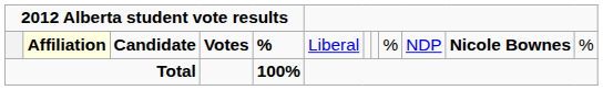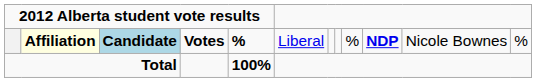 <table class="wikitable">
 <tr>
 <td colspan="5" align=center><strong>2012 Alberta student vote results</strong></td>
 </tr>
 <tr>
 <th style="width: 10px;"></th>
 <td style="background: lightyellow;"><strong>Affiliation</strong></td>
-<td><strong>Candidate</strong></td>
+<td style="background: lightblue;"><strong>Candidate</strong></td>
 <td><strong>Votes</strong></td>
 <td><strong>%</strong><br>  </td>
 <td><a href='#'>Liberal</a></td>
 <td></td>
 <td></td>
 <td>%<br> </td>
-<td><a href='#'>NDP</a></td>
-<td><strong>Nicole Bownes</strong></td>
+<td><strong><a href='#'>NDP</a></strong></td>
+<td>Nicole Bownes</td>
 <td>%</td>
 </tr>
 <tr>
 <td colspan="3" align="right"><strong>Total</strong></td>
 <td></td>
 <td><strong>100%</strong></td>
 </tr>
 </table>
